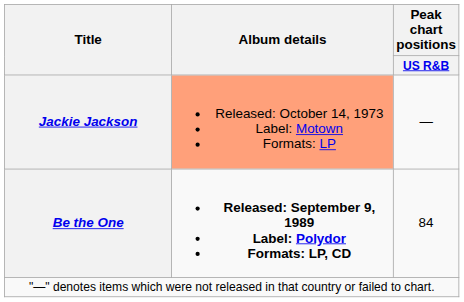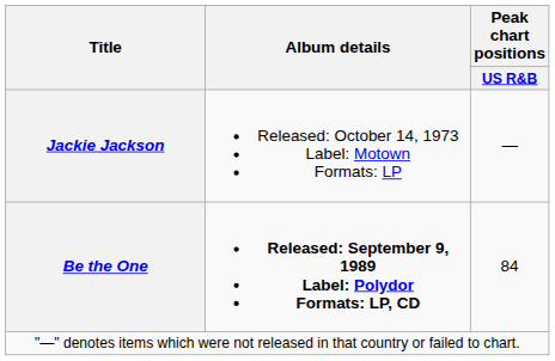 <table class="wikitable plainrowheaders" style="text-align:center;">
 <tr>
 <th scope="col" rowspan="2" style="width:12em;">Title</th>
 <th scope="col" rowspan="2" style="width:16em;">Album details</th>
 <th scope="col">Peak chart positions</th>
 </tr>
 <tr>
 <th scope="col" style="width:3em;font-size:90%;"><a href='#'>US R&B</a><br></th>
 </tr>
 <tr>
 <th scope="row"><em><a href='#'>Jackie Jackson</a></em></th>
-<td style="background: lightsalmon;"><br><ul><li>Released: October 14, 1973</li><li>Label: <a href='#'>Motown</a></li><li>Formats: <a href='#'>LP</a></li></ul></td>
+<td><br><ul><li>Released: October 14, 1973</li><li>Label: <a href='#'>Motown</a></li><li>Formats: <a href='#'>LP</a></li></ul></td>
 <td>—</td>
 </tr>
 <tr>
 <th scope="row"><em><a href='#'>Be the One</a></em></th>
 <td><strong><br><ul><li>Released: September 9, 1989</li><li>Label: <a href='#'>Polydor</a></li><li>Formats: LP, CD</li></ul></strong></td>
 <td>84</td>
 </tr>
 <tr>
 <td colspan="14" style="font-size:90%">"—" denotes items which were not released in that country or failed to chart.</td>
 </tr>
 </table>
